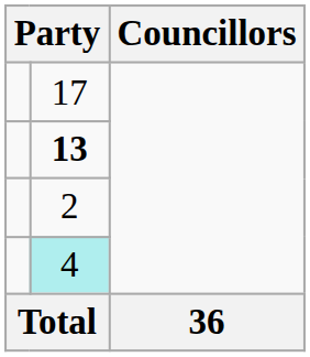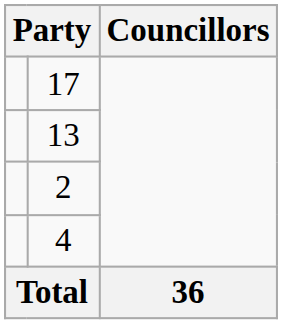 <table class="wikitable">
 <tr>
 <th colspan=2>Party</th>
 <th>Councillors</th>
 </tr>
 <tr>
 <td></td>
 <td align=center>17</td>
 </tr>
 <tr>
 <td></td>
-<td align=center><strong>13</strong></td>
+<td align=center>13</td>
 </tr>
 <tr>
 <td></td>
 <td align=center>2</td>
 </tr>
 <tr>
 <td></td>
-<td align=center style="background: paleturquoise;">4</td>
+<td align=center>4</td>
 </tr>
 <tr>
 <th colspan=2>Total</th>
 <th align=center>36</th>
 </tr>
 </table>
